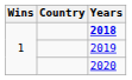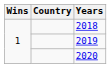 <table class="wikitable sortable" style="font-size:95%">
 <tr>
 <th>Wins</th>
 <th>Country</th>
 <th>Years</th>
 </tr>
 <tr>
 <td rowspan="3" style="text-align:center;">1</td>
 <td></td>
-<td><strong><a href='#'>2018</a></strong></td>
+<td><a href='#'>2018</a></td>
 </tr>
 <tr>
 <td></td>
 <td><a href='#'>2019</a></td>
 </tr>
 <tr>
 <td></td>
 <td><a href='#'>2020</a></td>
 </tr>
 </table>
